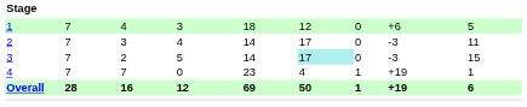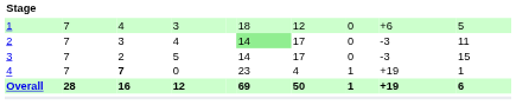 <table class="toccolours" border=0 cellpadding="2" cellspacing="0" style="font-size:95%; text-align:left; width:700px;">
 <tr align="left" style="background:#">
 <th style="width:75px">Stage</th>
 <th></th>
 <th></th>
 <th></th>
 <th></th>
 <th></th>
 <th></th>
 <th></th>
 <th></th>
 <th></th>
 </tr>
 <tr>
 <td colspan = "10"></td>
 </tr>
 <tr>
 </tr>
 <tr style="background:#cfc;">
 <td><a href='#'>1</a></td>
 <td>7</td>
 <td>4</td>
 <td>3</td>
 <td></td>
 <td>18</td>
 <td>12</td>
 <td>0</td>
 <td>+6</td>
 <td>5</td>
 </tr>
 <tr>
 <td><a href='#'>2</a></td>
 <td>7</td>
 <td>3</td>
 <td>4</td>
 <td></td>
-<td>14</td>
+<td style="background: lightgreen;">14</td>
 <td>17</td>
 <td>0</td>
 <td>-3</td>
 <td>11</td>
 </tr>
 <tr>
 <td><a href='#'>3</a></td>
 <td>7</td>
 <td>2</td>
 <td>5</td>
 <td></td>
 <td>14</td>
-<td style="background: paleturquoise;">17</td>
+<td>17</td>
 <td>0</td>
 <td>-3</td>
 <td>15</td>
 </tr>
 <tr>
 <td><a href='#'>4</a></td>
 <td>7</td>
-<td>7</td>
+<td><strong>7</strong></td>
 <td>0</td>
 <td></td>
 <td>23</td>
 <td>4</td>
 <td>1</td>
 <td>+19</td>
 <td>1</td>
 </tr>
 <tr style="background-color:#cfc;">
 <th><a href='#'>Overall</a></th>
 <th>28</th>
 <th>16</th>
 <th>12</th>
 <th></th>
 <th>69</th>
 <th>50</th>
 <th>1</th>
 <th>+19</th>
 <th>6</th>
 </tr>
 <tr>
 <td colspan="10"></td>
 </tr>
 <tr align="left" style="background:#EAECF0; color:#000;">
 <td colspan="10" style="text-align:center;"> </td>
 </tr>
 </table>
